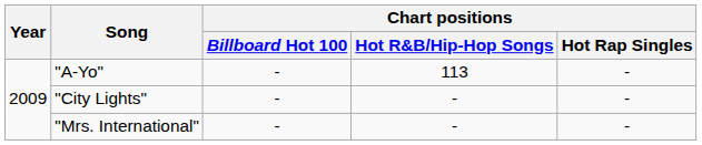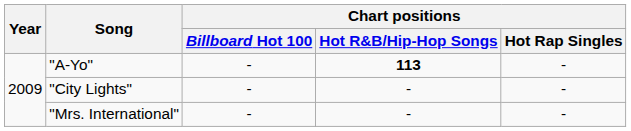 <table class="wikitable">
 <tr>
 <th rowspan="2">Year</th>
 <th rowspan="2">Song</th>
 <th colspan="3">Chart positions</th>
 </tr>
 <tr>
 <th><a href='#'><em>Billboard</em> Hot 100</a></th>
 <th><a href='#'>Hot R&B/Hip-Hop Songs</a></th>
 <th>Hot Rap Singles</th>
 </tr>
 <tr>
 <td rowspan="3">2009</td>
 <td>"A-Yo"</td>
 <td style="text-align:center;">-</td>
-<td style="text-align:center;">113</td>
+<td style="text-align:center;"><strong>113</strong></td>
 <td style="text-align:center;">-</td>
 </tr>
 <tr>
 <td>"City Lights"</td>
 <td style="text-align:center;">-</td>
 <td style="text-align:center;">-</td>
 <td style="text-align:center;">-</td>
 </tr>
 <tr>
 <td>"Mrs. International"</td>
 <td style="text-align:center;">-</td>
 <td style="text-align:center;">-</td>
 <td style="text-align:center;">-</td>
 </tr>
 </table>
